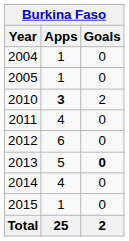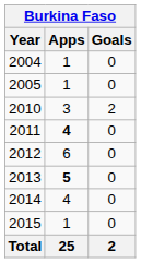 <table class="wikitable" style="text-align:center">
 <tr>
 <th colspan=3><a href='#'>Burkina Faso</a></th>
 </tr>
 <tr>
 <th>Year</th>
 <th>Apps</th>
 <th>Goals</th>
 </tr>
 <tr>
 <td>2004</td>
 <td>1</td>
 <td>0</td>
 </tr>
 <tr>
 <td>2005</td>
 <td>1</td>
 <td>0</td>
 </tr>
 <tr>
 <td>2010</td>
-<td><strong>3</strong></td>
+<td>3</td>
 <td>2</td>
 </tr>
 <tr>
 <td>2011</td>
-<td>4</td>
+<td><strong>4</strong></td>
 <td>0</td>
 </tr>
 <tr>
 <td>2012</td>
 <td>6</td>
 <td>0</td>
 </tr>
 <tr>
 <td>2013</td>
-<td>5</td>
-<td><strong>0</strong></td>
+<td><strong>5</strong></td>
+<td>0</td>
 </tr>
 <tr>
 <td>2014</td>
 <td>4</td>
 <td>0</td>
 </tr>
 <tr>
 <td>2015</td>
 <td>1</td>
 <td>0</td>
 </tr>
 <tr>
 <th>Total</th>
 <th>25</th>
 <th>2</th>
 </tr>
 </table>
